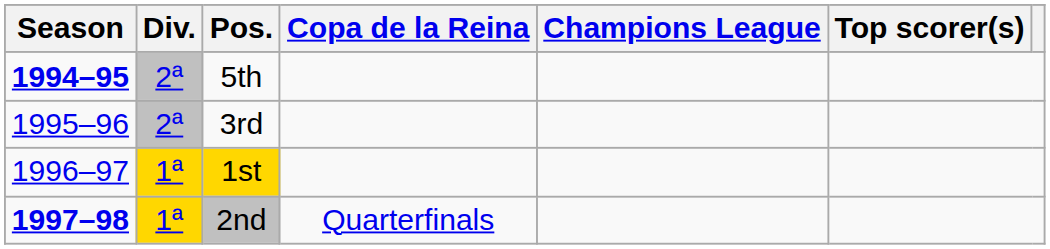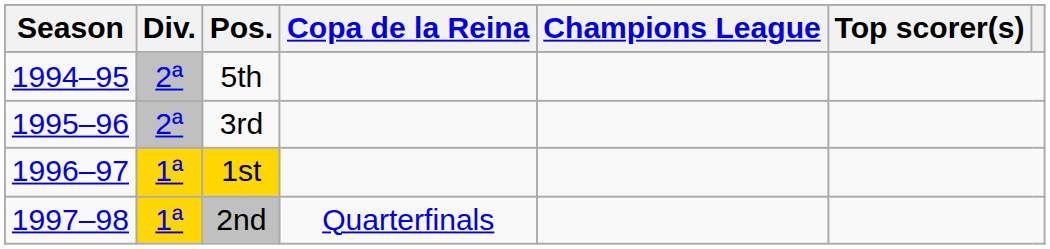 <table class="wikitable" style="text-align:center">
 <tr>
 <th>Season</th>
 <th>Div.</th>
 <th>Pos.</th>
 <th><a href='#'>Copa de la Reina</a></th>
 <th><a href='#'>Champions League</a></th>
 <th>Top scorer(s)</th>
 <th></th>
 </tr>
 <tr>
-<td><strong><a href='#'>1994–95</a></strong></td>
+<td><a href='#'>1994–95</a></td>
 <td bgcolor=silver><a href='#'>2ª</a></td>
 <td>5th</td>
 <td></td>
 <td></td>
 <td colspan=2></td>
 </tr>
 <tr>
 <td><a href='#'>1995–96</a></td>
 <td bgcolor=silver><a href='#'>2ª</a></td>
 <td>3rd</td>
 <td></td>
 <td></td>
 <td colspan=2></td>
 </tr>
 <tr>
 <td><a href='#'>1996–97</a></td>
 <td bgcolor=gold><a href='#'>1ª</a></td>
 <td bgcolor=gold>1st</td>
 <td></td>
 <td></td>
 <td colspan=2></td>
 </tr>
 <tr>
-<td><strong><a href='#'>1997–98</a></strong></td>
+<td><a href='#'>1997–98</a></td>
 <td bgcolor=gold><a href='#'>1ª</a></td>
 <td bgcolor=silver>2nd</td>
 <td><a href='#'>Quarterfinals</a></td>
 <td></td>
 <td colspan=2></td>
 </tr>
 </table>
